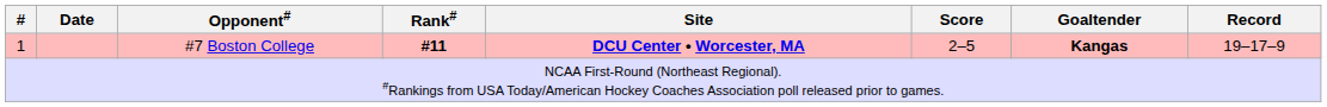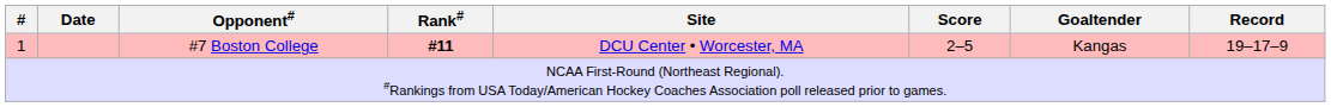 <table class="wikitable"  style="width:80%; text-align:center; font-size:95%; background:#ddf;">
 <tr>
 <th>#</th>
 <th>Date</th>
 <th>Opponent<sup>#</sup></th>
 <th>Rank<sup>#</sup></th>
 <th>Site</th>
 <th>Score</th>
 <th>Goaltender</th>
 <th>Record</th>
 </tr>
 <tr style="background:#fbb;">
 <td>1</td>
 <td></td>
 <td>#7 <a href='#'>Boston College</a></td>
 <td><strong>#11</strong></td>
-<td><strong><a href='#'>DCU Center</a> • <a href='#'>Worcester, MA</a></strong></td>
+<td><a href='#'>DCU Center</a> • <a href='#'>Worcester, MA</a></td>
 <td>2–5</td>
-<td><strong>Kangas</strong></td>
+<td>Kangas</td>
 <td>19–17–9</td>
 </tr>
 <tr>
 <td colspan=9><small>NCAA First-Round (Northeast Regional).<br><sup>#</sup>Rankings from USA Today/American Hockey Coaches Association poll released prior to games.</small></td>
 </tr>
 </table>
